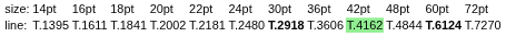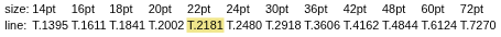 <table style="margin-left:40px;">
 <tr>
 <td>size:</td>
 <td>14pt</td>
 <td>16pt</td>
 <td>18pt</td>
 <td>20pt</td>
 <td>22pt</td>
 <td>24pt</td>
 <td>30pt</td>
 <td>36pt</td>
 <td>42pt</td>
 <td>48pt</td>
 <td>60pt</td>
 <td>72pt</td>
 </tr>
 <tr>
 <td>line:</td>
 <td>T.1395</td>
 <td>T.1611</td>
 <td>T.1841</td>
 <td>T.2002</td>
-<td>T.2181</td>
+<td style="background: khaki;">T.2181</td>
 <td>T.2480</td>
-<td><strong>T.2918</strong></td>
+<td>T.2918</td>
 <td>T.3606</td>
-<td style="background: lightgreen;">T.4162</td>
+<td>T.4162</td>
 <td>T.4844</td>
-<td><strong>T.6124</strong></td>
+<td>T.6124</td>
 <td>T.7270</td>
 </tr>
 </table>
